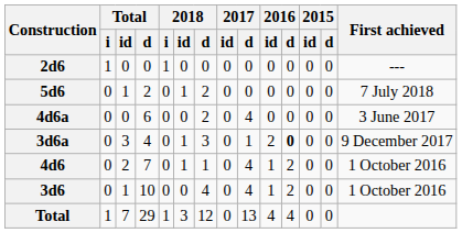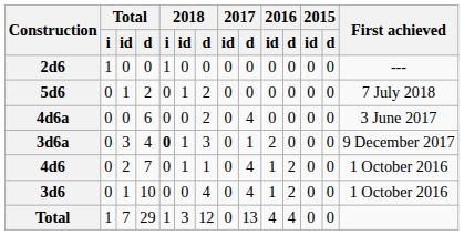 <table class="wikitable" style="text-align: center;">
 <tr>
 <th ! rowspan="2">Construction</th>
 <th colspan="3">Total</th>
 <th colspan="3">2018</th>
 <th colspan="2">2017</th>
 <th colspan="2">2016</th>
 <th colspan="2">2015</th>
 <th rowspan="2">First achieved</th>
 </tr>
 <tr>
 <th>i</th>
 <th>id</th>
 <th>d</th>
 <th>i</th>
 <th>id</th>
 <th>d</th>
 <th>id</th>
 <th>d</th>
 <th>id</th>
 <th>d</th>
 <th>id</th>
 <th>d</th>
 </tr>
 <tr>
 <th>2d6</th>
 <td>1</td>
 <td>0</td>
 <td>0</td>
 <td>1</td>
 <td>0</td>
 <td>0</td>
 <td>0</td>
 <td>0</td>
 <td>0</td>
 <td>0</td>
 <td>0</td>
 <td>0</td>
 <td>---</td>
 </tr>
 <tr>
 <th>5d6</th>
 <td>0</td>
 <td>1</td>
 <td>2</td>
 <td>0</td>
 <td>1</td>
 <td>2</td>
 <td>0</td>
 <td>0</td>
 <td>0</td>
 <td>0</td>
 <td>0</td>
 <td>0</td>
 <td>7 July 2018</td>
 </tr>
 <tr>
 <th>4d6a</th>
 <td>0</td>
 <td>0</td>
 <td>6</td>
 <td>0</td>
 <td>0</td>
 <td>2</td>
 <td>0</td>
 <td>4</td>
 <td>0</td>
 <td>0</td>
 <td>0</td>
 <td>0</td>
 <td>3 June 2017</td>
 </tr>
 <tr>
 <th>3d6a</th>
 <td>0</td>
 <td>3</td>
 <td>4</td>
-<td>0</td>
+<td><strong>0</strong></td>
 <td>1</td>
 <td>3</td>
 <td>0</td>
 <td>1</td>
 <td>2</td>
-<td><strong>0</strong></td>
+<td>0</td>
 <td>0</td>
 <td>0</td>
 <td>9 December 2017</td>
 </tr>
 <tr>
 <th>4d6</th>
 <td>0</td>
 <td>2</td>
 <td>7</td>
 <td>0</td>
 <td>1</td>
 <td>1</td>
 <td>0</td>
 <td>4</td>
 <td>1</td>
 <td>2</td>
 <td>0</td>
 <td>0</td>
 <td>1 October 2016</td>
 </tr>
 <tr>
 <th>3d6</th>
 <td>0</td>
 <td>1</td>
 <td>10</td>
 <td>0</td>
 <td>0</td>
 <td>4</td>
 <td>0</td>
 <td>4</td>
 <td>1</td>
 <td>2</td>
 <td>0</td>
 <td>0</td>
 <td>1 October 2016</td>
 </tr>
 <tr>
 <th>Total</th>
 <td>1</td>
 <td>7</td>
 <td>29</td>
 <td>1</td>
 <td>3</td>
 <td>12</td>
 <td>0</td>
 <td>13</td>
 <td>4</td>
 <td>4</td>
 <td>0</td>
 <td>0</td>
 <td></td>
 </tr>
 </table>
